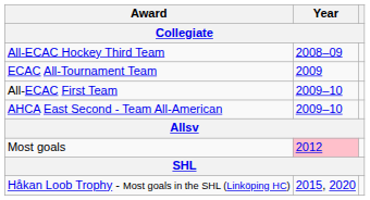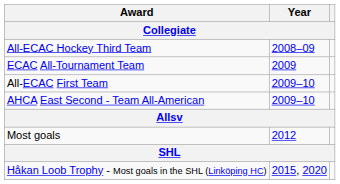 <table class="wikitable">
 <tr>
 <th>Award</th>
 <th>Year</th>
 <th></th>
 </tr>
 <tr ALIGN="center" bgcolor="#e0e0e0">
 <th colspan="3"><a href='#'>Collegiate</a></th>
 </tr>
 <tr>
 <td><a href='#'>All-ECAC Hockey Third Team</a></td>
 <td><a href='#'>2008–09</a></td>
 <td></td>
 </tr>
 <tr>
 <td><a href='#'>ECAC</a> <a href='#'>All-Tournament Team</a></td>
 <td><a href='#'>2009</a></td>
 <td></td>
 </tr>
 <tr>
 <td>All-<a href='#'>ECAC</a> <a href='#'>First Team</a></td>
 <td><a href='#'>2009–10</a></td>
 <td></td>
 </tr>
 <tr>
 <td><a href='#'>AHCA</a> <a href='#'>East Second - Team All-American</a></td>
 <td><a href='#'>2009–10</a></td>
 <td></td>
 </tr>
 <tr ALIGN="center" bgcolor="#e0e0e0">
 <th colspan="3"><a href='#'>Allsv</a></th>
 </tr>
 <tr>
 <td>Most goals</td>
-<td style="background: pink;"><a href='#'>2012</a></td>
+<td><a href='#'>2012</a></td>
 <td></td>
 </tr>
 <tr ALIGN="center" bgcolor="#e0e0e0">
 <th colspan="3"><a href='#'>SHL</a></th>
 </tr>
 <tr>
 <td><a href='#'>Håkan Loob Trophy</a> - <small>Most goals in the SHL (<a href='#'>Linköping HC</a>)</small></td>
 <td><a href='#'>2015</a>, <a href='#'>2020</a></td>
 <td></td>
 </tr>
 </table>
